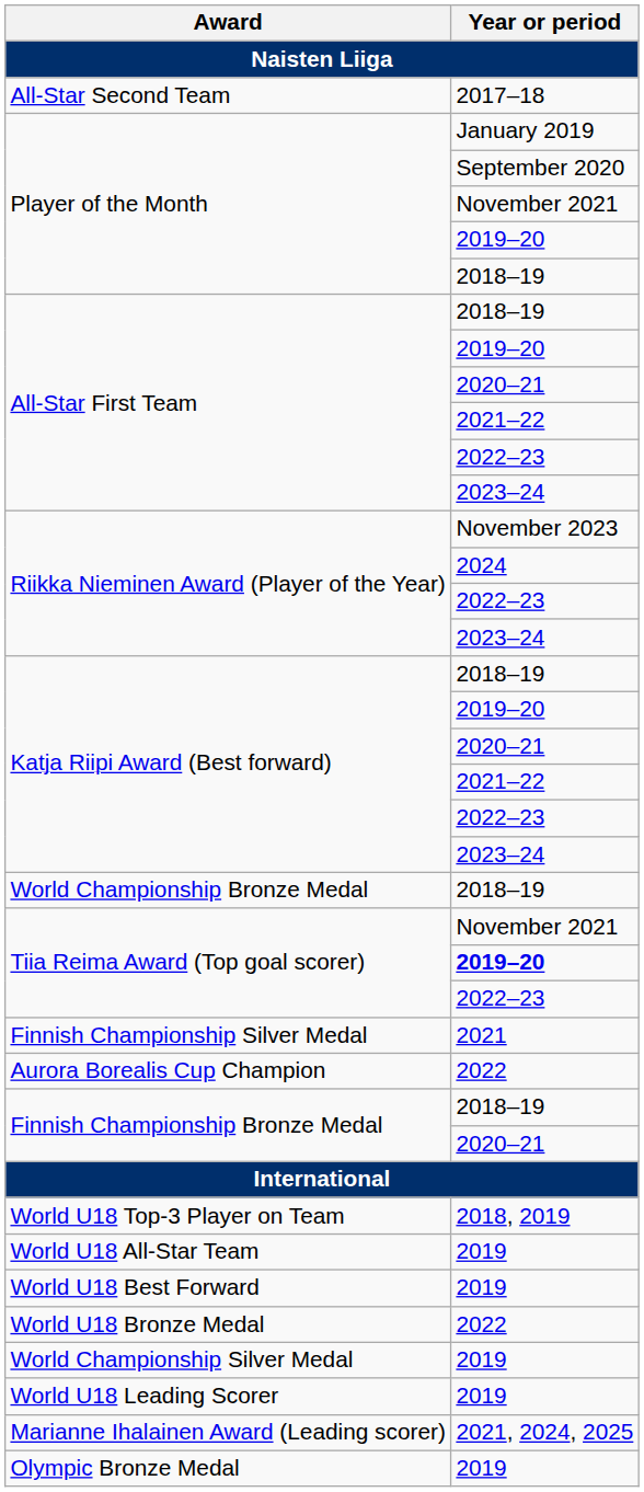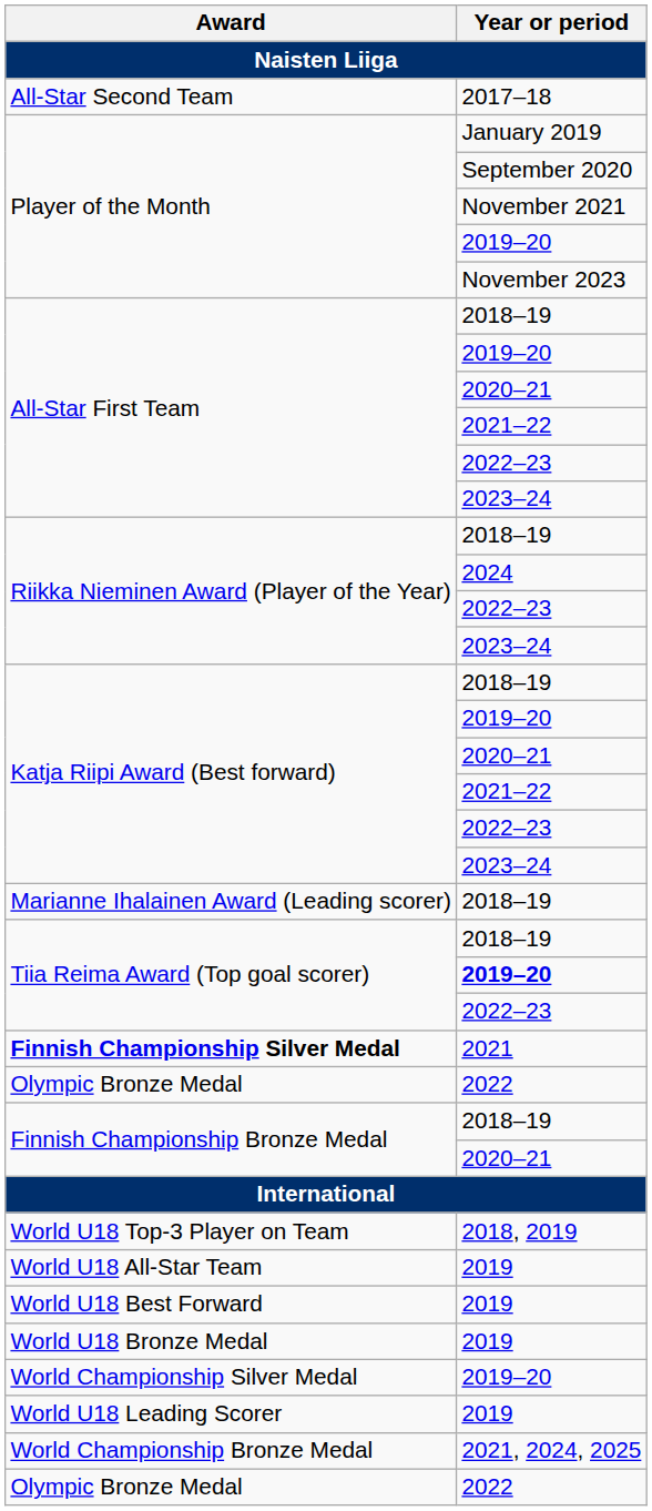 <table class="wikitable">
 <tr>
 <th>Award</th>
 <th>Year or period</th>
 </tr>
 <tr>
 <th colspan="2" style="text-align:center; color:white; background:#002f6c">Naisten Liiga</th>
 </tr>
 <tr>
 <td><a href='#'>All-Star</a> Second Team</td>
 <td>2017–18</td>
 </tr>
 <tr>
 <td rowspan="5">Player of the Month</td>
 <td>January 2019</td>
 </tr>
 <tr>
 <td>September 2020</td>
 </tr>
 <tr>
 <td>November 2021</td>
 </tr>
 <tr>
 <td><a href='#'>2019–20</a></td>
 </tr>
 <tr>
-<td>2018–19</td>
+<td>November 2023</td>
 </tr>
 <tr>
 <td rowspan="6"><a href='#'>All-Star</a> First Team</td>
 <td>2018–19</td>
 </tr>
 <tr>
 <td><a href='#'>2019–20</a></td>
 </tr>
 <tr>
 <td><a href='#'>2020–21</a></td>
 </tr>
 <tr>
 <td><a href='#'>2021–22</a></td>
 </tr>
 <tr>
 <td><a href='#'>2022–23</a></td>
 </tr>
 <tr>
 <td><a href='#'>2023–24</a></td>
 </tr>
 <tr>
 <td rowspan="4"><a href='#'>Riikka Nieminen Award</a> (Player of the Year)</td>
-<td>November 2023</td>
+<td>2018–19</td>
 </tr>
 <tr>
 <td><a href='#'>2024</a></td>
 </tr>
 <tr>
 <td><a href='#'>2022–23</a></td>
 </tr>
 <tr>
 <td><a href='#'>2023–24</a></td>
 </tr>
 <tr>
 <td rowspan="6"><a href='#'>Katja Riipi Award</a> (Best forward)</td>
 <td>2018–19</td>
 </tr>
 <tr>
 <td><a href='#'>2019–20</a></td>
 </tr>
 <tr>
 <td><a href='#'>2020–21</a></td>
 </tr>
 <tr>
 <td><a href='#'>2021–22</a></td>
 </tr>
 <tr>
 <td><a href='#'>2022–23</a></td>
 </tr>
 <tr>
 <td><a href='#'>2023–24</a></td>
 </tr>
 <tr>
-<td><a href='#'>World Championship</a> Bronze Medal</td>
+<td><a href='#'>Marianne Ihalainen Award</a> (Leading scorer)</td>
 <td>2018–19</td>
 </tr>
 <tr>
 <td rowspan="3"><a href='#'>Tiia Reima Award</a> (Top goal scorer)</td>
-<td>November 2021</td>
+<td>2018–19</td>
 </tr>
 <tr>
 <td><strong><a href='#'>2019–20</a></strong></td>
 </tr>
 <tr>
 <td><a href='#'>2022–23</a></td>
 </tr>
 <tr>
-<td><a href='#'>Finnish Championship</a> Silver Medal</td>
+<td><strong><a href='#'>Finnish Championship</a> Silver Medal</strong></td>
 <td><a href='#'>2021</a></td>
 </tr>
 <tr>
-<td><a href='#'>Aurora Borealis Cup</a> Champion</td>
+<td><a href='#'>Olympic</a> Bronze Medal</td>
 <td><a href='#'>2022</a></td>
 </tr>
 <tr>
 <td rowspan="2"><a href='#'>Finnish Championship</a> Bronze Medal</td>
 <td>2018–19</td>
 </tr>
 <tr>
 <td><a href='#'>2020–21</a></td>
 </tr>
 <tr>
 <th colspan="2" style="text-align:center; color:white; background:#002f6c">International</th>
 </tr>
 <tr>
 <td><a href='#'>World U18</a> Top-3 Player on Team</td>
 <td><a href='#'>2018</a>, <a href='#'>2019</a></td>
 </tr>
 <tr>
 <td><a href='#'>World U18</a> All-Star Team</td>
 <td><a href='#'>2019</a></td>
 </tr>
 <tr>
 <td><a href='#'>World U18</a> Best Forward</td>
 <td><a href='#'>2019</a></td>
 </tr>
 <tr>
 <td><a href='#'>World U18</a> Bronze Medal</td>
-<td><a href='#'>2022</a></td>
+<td><a href='#'>2019</a></td>
 </tr>
 <tr>
 <td><a href='#'>World Championship</a> Silver Medal</td>
-<td><a href='#'>2019</a></td>
+<td><a href='#'>2019–20</a></td>
 </tr>
 <tr>
 <td><a href='#'>World U18</a> Leading Scorer</td>
 <td><a href='#'>2019</a></td>
 </tr>
 <tr>
-<td><a href='#'>Marianne Ihalainen Award</a> (Leading scorer)</td>
+<td><a href='#'>World Championship</a> Bronze Medal</td>
 <td><a href='#'>2021</a>, <a href='#'>2024</a>, <a href='#'>2025</a></td>
 </tr>
 <tr>
 <td><a href='#'>Olympic</a> Bronze Medal</td>
-<td><a href='#'>2019</a></td>
+<td><a href='#'>2022</a></td>
 </tr>
 </table>
